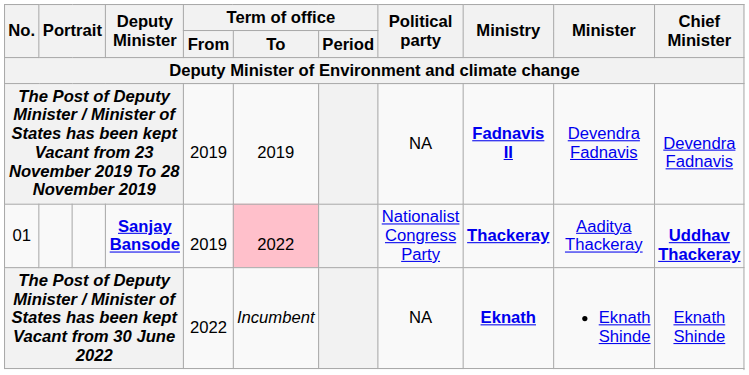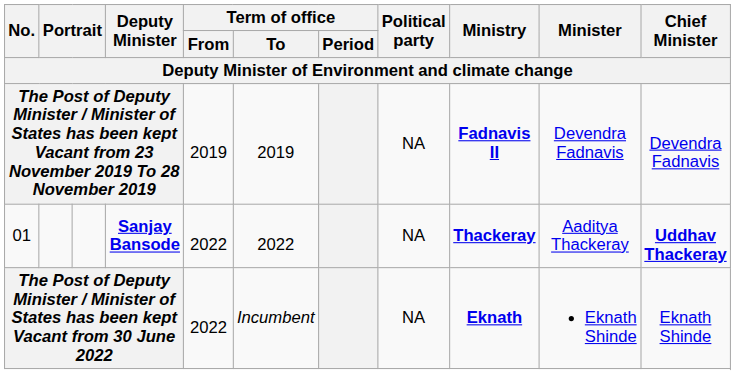 <table class="wikitable" style="text-align:center">
 <tr>
 <th rowspan="2">No.</th>
 <th rowspan="2" colspan="2">Portrait</th>
 <th rowspan="2" style="width:16em">Deputy Minister<br></th>
 <th colspan="3">Term of office</th>
 <th rowspan="2" style="width:8em">Political party</th>
 <th rowspan="2">Ministry</th>
 <th rowspan="2" style="width:9em">Minister</th>
 <th rowspan="2" style="width:9em">Chief Minister</th>
 </tr>
 <tr>
 <th style="width:6em">From</th>
 <th style="width:6em">To</th>
 <th>Period</th>
 </tr>
 <tr>
 <th colspan="11">Deputy Minister of Environment and climate change</th>
 </tr>
 <tr>
 <th colspan="04"><strong><em>The Post of Deputy Minister / Minister of States has been kept Vacant from 23 November 2019 To 28 November 2019</em></strong></th>
 <td><br>2019</td>
 <td><br>2019</td>
 <th></th>
 <td>NA</td>
 <td rowspan="1"><a href='#'><strong>Fadnavis II</strong></a></td>
 <td><a href='#'>Devendra Fadnavis</a></td>
 <td rowspan="1"> <br><a href='#'>Devendra Fadnavis</a></td>
 </tr>
 <tr>
 <td>01</td>
 <td style="color:inherit;background:"></td>
 <td></td>
 <td><strong><a href='#'>Sanjay Bansode</a></strong> <br> </td>
-<td><br>2019</td>
-<td style="background: pink;"><br>2022</td>
+<td><br>2022</td>
+<td><br>2022</td>
 <th></th>
-<td><a href='#'>Nationalist Congress Party</a></td>
+<td>NA</td>
 <td rowspan="1"><a href='#'><strong>Thackeray</strong></a></td>
 <td><a href='#'>Aaditya Thackeray</a></td>
 <td rowspan="1"><strong> <br><a href='#'>Uddhav Thackeray</a></strong></td>
 </tr>
 <tr>
 <th colspan="04"><strong><em>The Post of Deputy Minister / Minister of States has been kept Vacant from 30 June 2022</em></strong></th>
 <td><br>2022</td>
 <td><em>Incumbent</em></td>
 <th></th>
 <td>NA</td>
 <td rowspan="2"><a href='#'><strong>Eknath</strong></a></td>
 <td><br><ul><li><a href='#'>Eknath Shinde</a></li></ul></td>
 <td rowspan="2"> <br><a href='#'>Eknath Shinde</a></td>
 </tr>
 <tr>
 </tr>
 </table>
